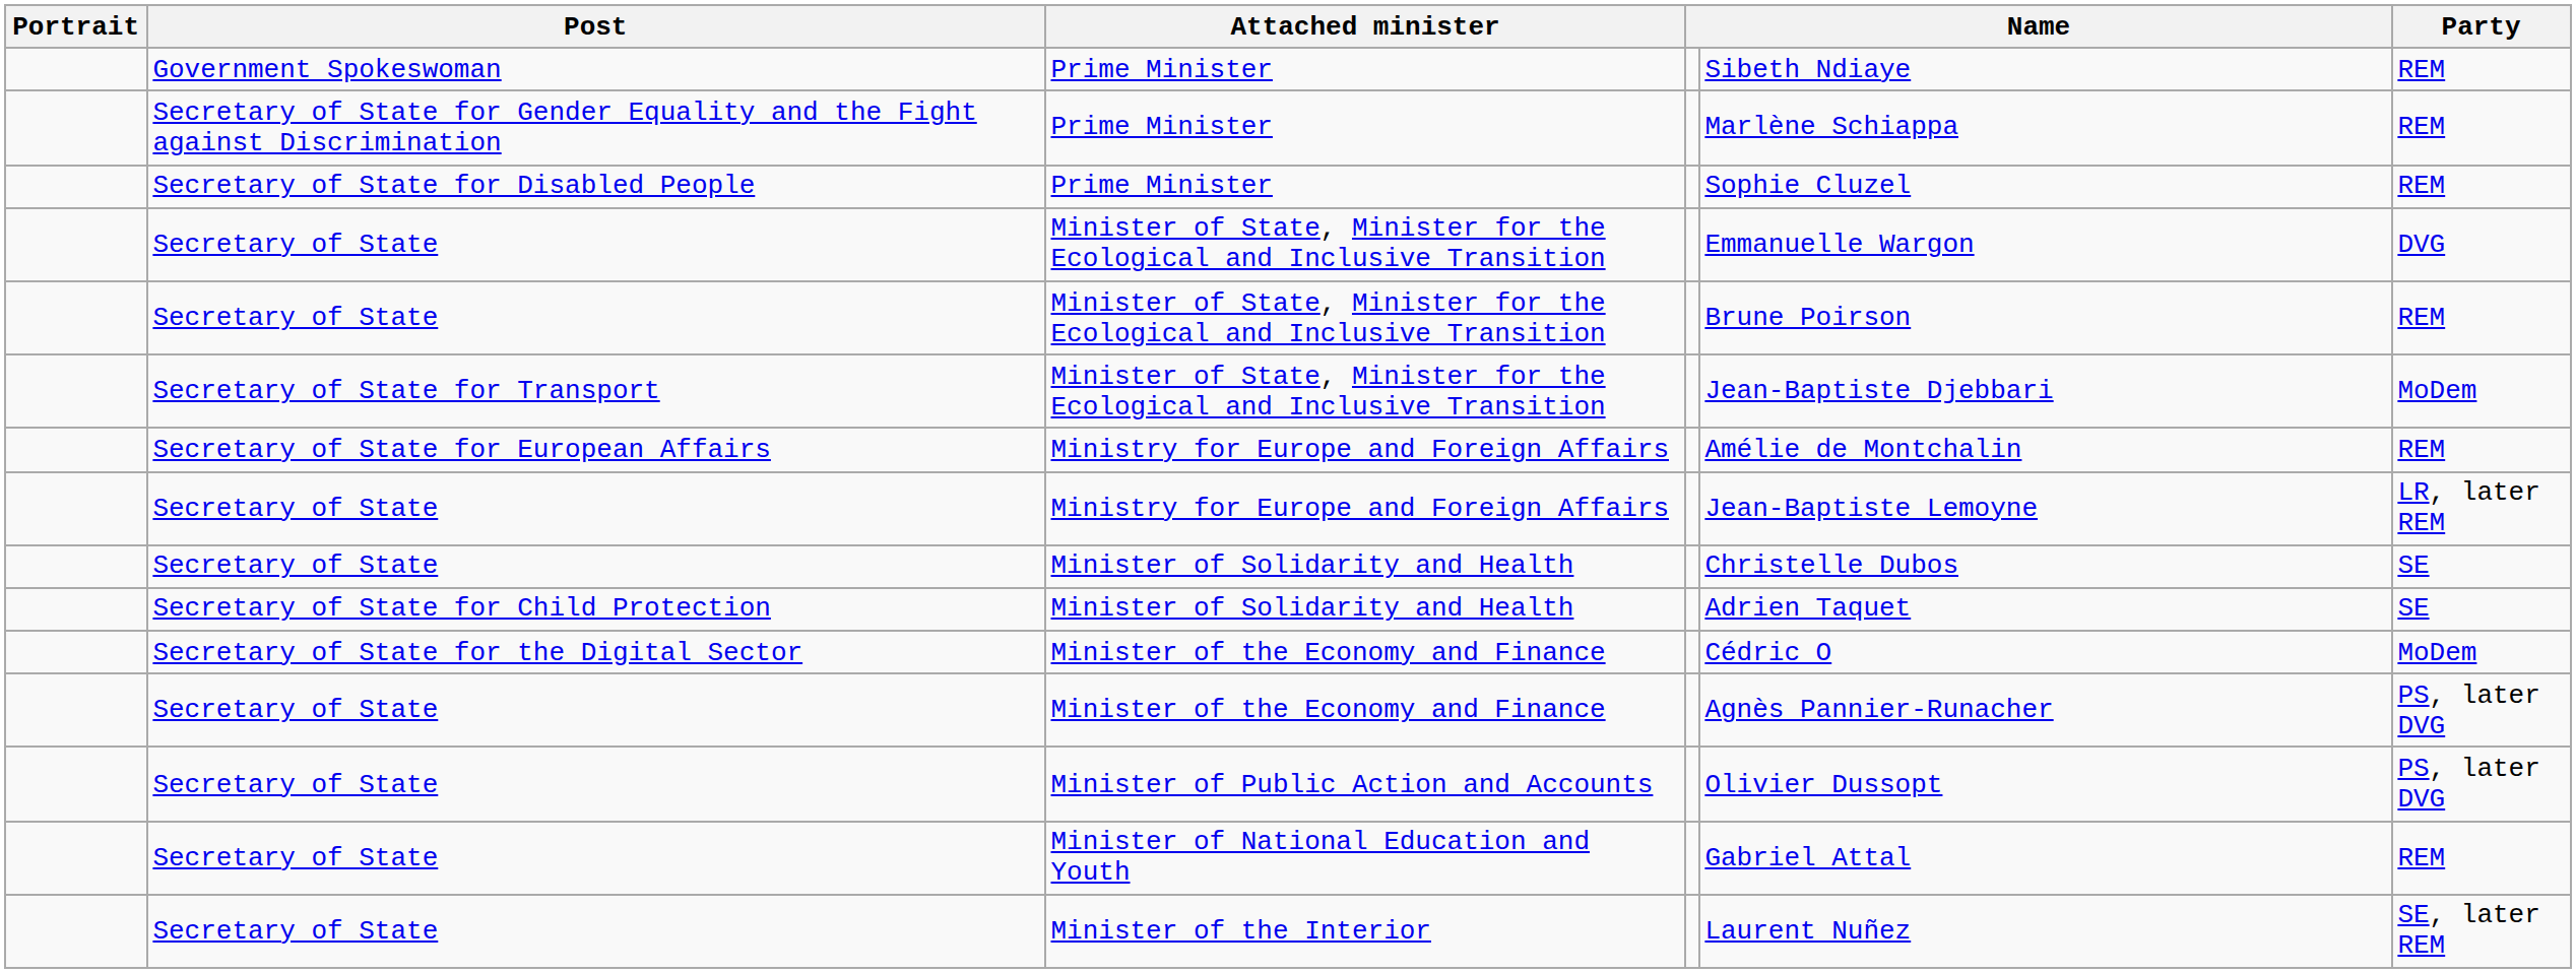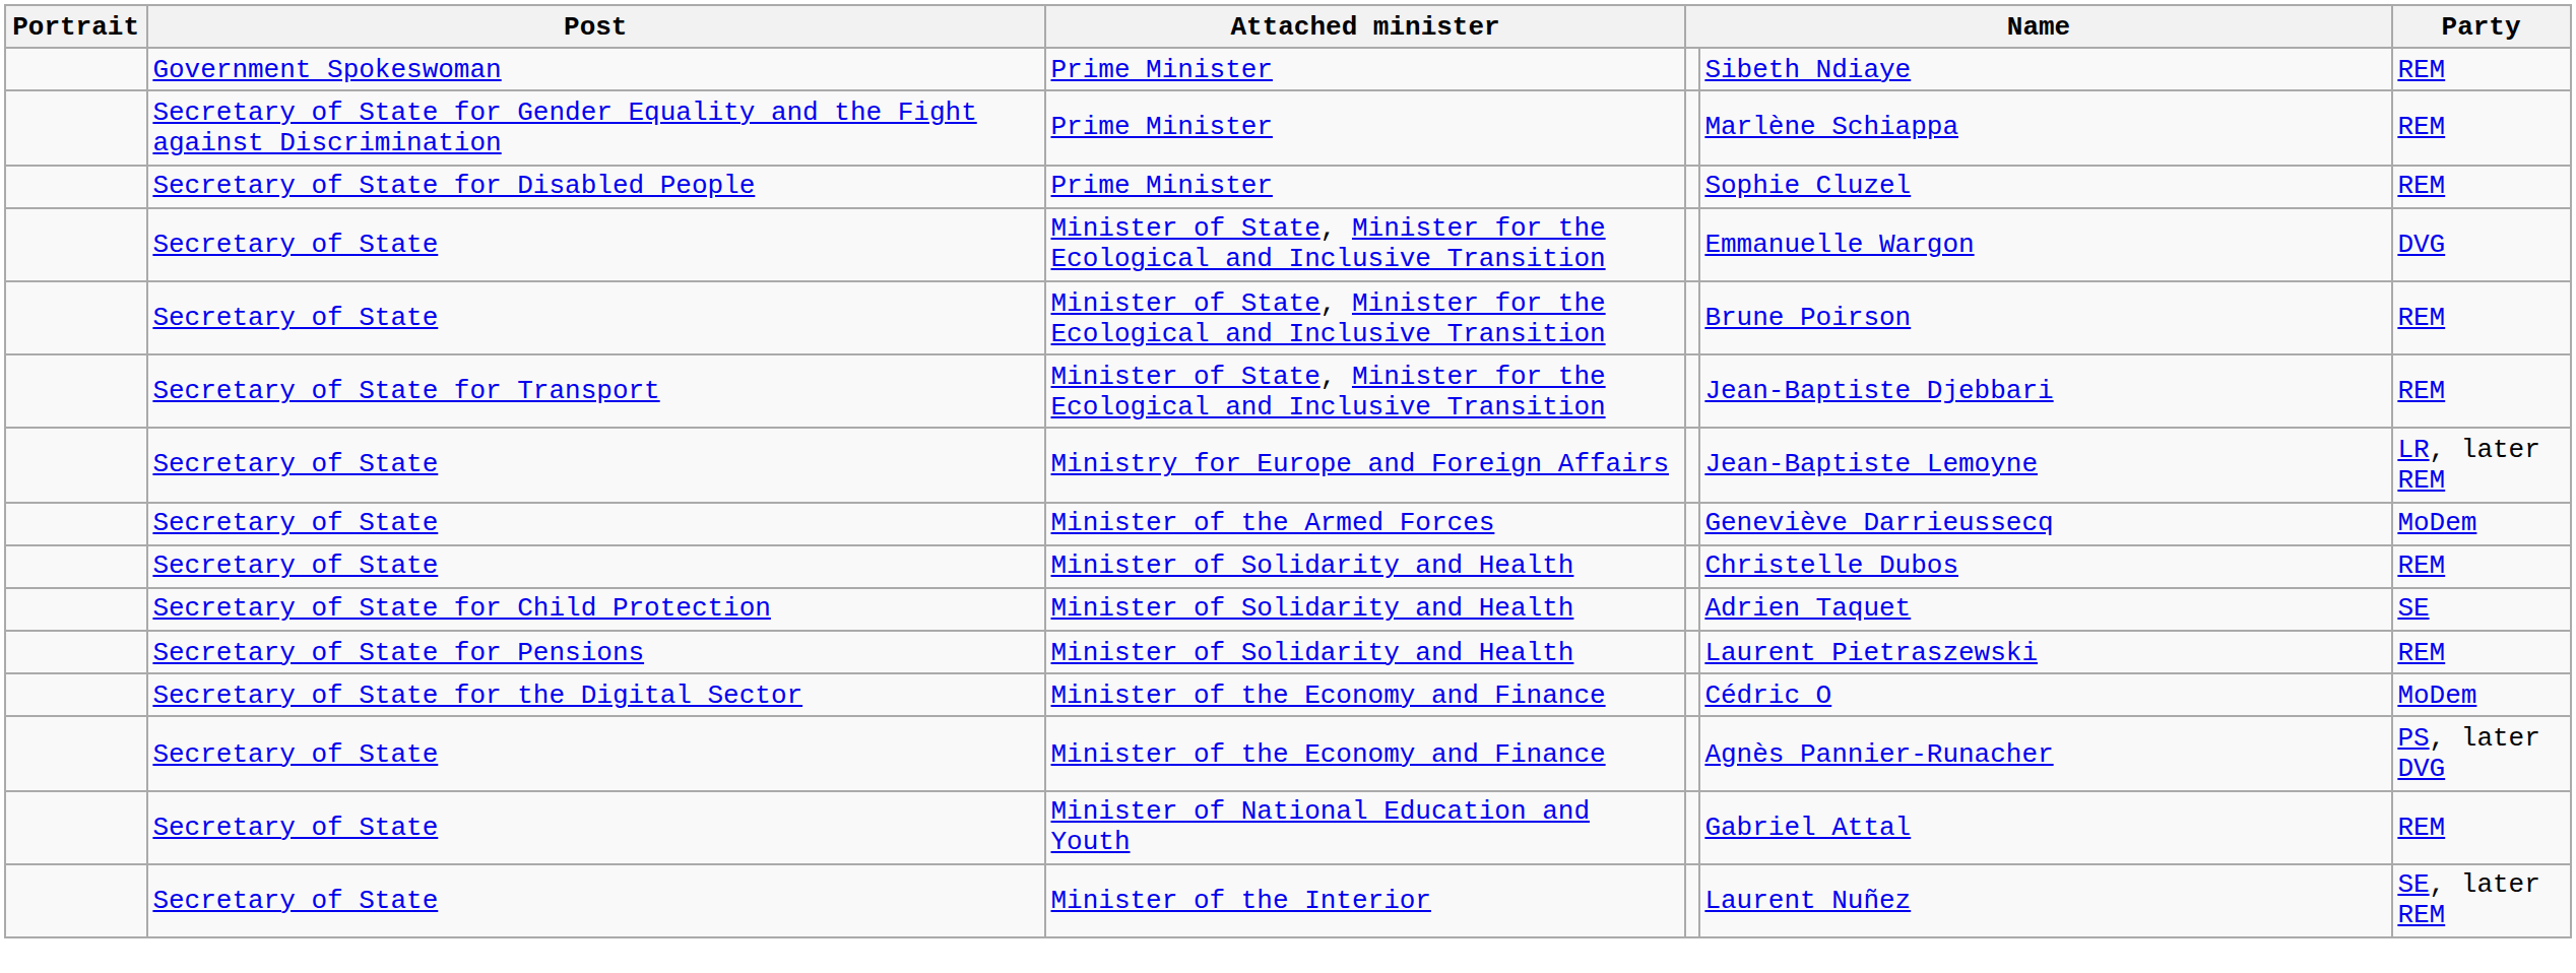 <table class="wikitable sortable" style="width:100%;">
 <tr>
 <th class="unsortable">Portrait</th>
 <th>Post</th>
 <th>Attached minister</th>
 <th colspan="2" scope="col" class="unsortable">Name</th>
 <th>Party</th>
 </tr>
 <tr>
 <td width="80"></td>
 <td width=35%><a href='#'>Government Spokeswoman</a></td>
 <td width=25%><a href='#'>Prime Minister</a></td>
 <td style="background:"></td>
 <td width=27%><a href='#'>Sibeth Ndiaye</a></td>
 <td width=7%><a href='#'>REM</a></td>
 </tr>
 <tr>
 <td width="80"></td>
 <td width=35%><a href='#'>Secretary of State for Gender Equality and the Fight against Discrimination</a></td>
 <td width=25%><a href='#'>Prime Minister</a></td>
 <td style="background:"></td>
 <td width=27%><a href='#'>Marlène Schiappa</a></td>
 <td width=7%><a href='#'>REM</a></td>
 </tr>
 <tr>
 <td width="80"></td>
 <td width=35%><a href='#'>Secretary of State for Disabled People</a></td>
 <td width=25%><a href='#'>Prime Minister</a></td>
 <td style="background:"></td>
 <td width=27%><a href='#'>Sophie Cluzel</a></td>
 <td width=7%><a href='#'>REM</a></td>
 </tr>
 <tr>
 <td width="80"></td>
 <td width=35%><a href='#'>Secretary of State</a></td>
 <td width=25%><a href='#'>Minister of State</a>, <a href='#'>Minister for the Ecological and Inclusive Transition</a></td>
 <td style="background:"></td>
 <td width=27%><a href='#'>Emmanuelle Wargon</a></td>
 <td width=7%><a href='#'>DVG</a></td>
 </tr>
 <tr>
 <td width="80"></td>
 <td width=35%><a href='#'>Secretary of State</a></td>
 <td width=25%><a href='#'>Minister of State</a>, <a href='#'>Minister for the Ecological and Inclusive Transition</a></td>
 <td style="background:"></td>
 <td width=27%><a href='#'>Brune Poirson</a></td>
 <td width=7%><a href='#'>REM</a></td>
 </tr>
 <tr>
 <td width="80"></td>
 <td width=35%><a href='#'>Secretary of State for Transport</a></td>
 <td width=25%><a href='#'>Minister of State</a>, <a href='#'>Minister for the Ecological and Inclusive Transition</a></td>
 <td style="background:"></td>
 <td width=27%><a href='#'>Jean-Baptiste Djebbari</a></td>
-<td width=7%><a href='#'>MoDem</a></td>
-</tr>
-<tr>
-<td width="80"></td>
-<td width=35%><a href='#'>Secretary of State for European Affairs</a></td>
-<td width=25%><a href='#'>Ministry for Europe and Foreign Affairs</a></td>
-<td style="background:"></td>
-<td width=27%><a href='#'>Amélie de Montchalin</a></td>
 <td width=7%><a href='#'>REM</a></td>
 </tr>
 <tr>
 <td width="80"></td>
 <td width=35%><a href='#'>Secretary of State</a></td>
 <td width=25%><a href='#'>Ministry for Europe and Foreign Affairs</a></td>
 <td style="background:"></td>
 <td width=27%><a href='#'>Jean-Baptiste Lemoyne</a></td>
 <td width=7%><a href='#'>LR</a>, later <a href='#'>REM</a></td>
 </tr>
 <tr>
 <td width="80"></td>
 <td width=35%><a href='#'>Secretary of State</a></td>
+<td width=25%><a href='#'>Minister of the Armed Forces</a></td>
+<td style="background:"></td>
+<td width=27%><a href='#'>Geneviève Darrieussecq</a></td>
+<td width=7%><a href='#'>MoDem</a></td>
+</tr>
+<tr>
+<td width="80"></td>
+<td width=35%><a href='#'>Secretary of State</a></td>
 <td width=25%><a href='#'>Minister of Solidarity and Health</a></td>
 <td style="background:"></td>
 <td width=27%><a href='#'>Christelle Dubos</a></td>
-<td width=7%><a href='#'>SE</a></td>
+<td width=7%><a href='#'>REM</a></td>
 </tr>
 <tr>
 <td width="80"></td>
 <td width=35%><a href='#'>Secretary of State for Child Protection</a></td>
 <td width=25%><a href='#'>Minister of Solidarity and Health</a></td>
 <td style="background:"></td>
 <td width=27%><a href='#'>Adrien Taquet</a></td>
 <td width=7%><a href='#'>SE</a></td>
+</tr>
+<tr>
+<td width="80"></td>
+<td width=35%><a href='#'>Secretary of State for Pensions</a></td>
+<td width=25%><a href='#'>Minister of Solidarity and Health</a></td>
+<td style="background:"></td>
+<td width=27%><a href='#'>Laurent Pietraszewski</a></td>
+<td width=7%><a href='#'>REM</a></td>
 </tr>
 <tr>
 <td width="80"></td>
 <td width=35%><a href='#'>Secretary of State for the Digital Sector</a></td>
 <td width=25%><a href='#'>Minister of the Economy and Finance</a></td>
 <td style="background:"></td>
 <td width=27%><a href='#'>Cédric O</a></td>
 <td width=7%><a href='#'>MoDem</a></td>
 </tr>
 <tr>
 <td width="80"></td>
 <td width=35%><a href='#'>Secretary of State</a></td>
 <td width=25%><a href='#'>Minister of the Economy and Finance</a></td>
 <td style="background:"></td>
 <td width=27%><a href='#'>Agnès Pannier-Runacher</a></td>
 <td width=7%><a href='#'>PS</a>, later <a href='#'>DVG</a></td>
 </tr>
 <tr>
 <td width="80"></td>
 <td width=35%><a href='#'>Secretary of State</a></td>
-<td width=25%><a href='#'>Minister of Public Action and Accounts</a></td>
-<td style="background:"></td>
-<td width=27%><a href='#'>Olivier Dussopt</a></td>
-<td width=7%><a href='#'>PS</a>, later <a href='#'>DVG</a></td>
-</tr>
-<tr>
-<td width="80"></td>
-<td width=35%><a href='#'>Secretary of State</a></td>
 <td width=25%><a href='#'>Minister of National Education and Youth</a></td>
 <td style="background:"></td>
 <td width=27%><a href='#'>Gabriel Attal</a></td>
 <td width=7%><a href='#'>REM</a></td>
 </tr>
 <tr>
 <td width="80"></td>
 <td width=35%><a href='#'>Secretary of State</a></td>
 <td width=25%><a href='#'>Minister of the Interior</a></td>
 <td style="background:"></td>
 <td width=27%><a href='#'>Laurent Nuñez</a></td>
 <td width=7%><a href='#'>SE</a>, later <a href='#'>REM</a></td>
 </tr>
 </table>
